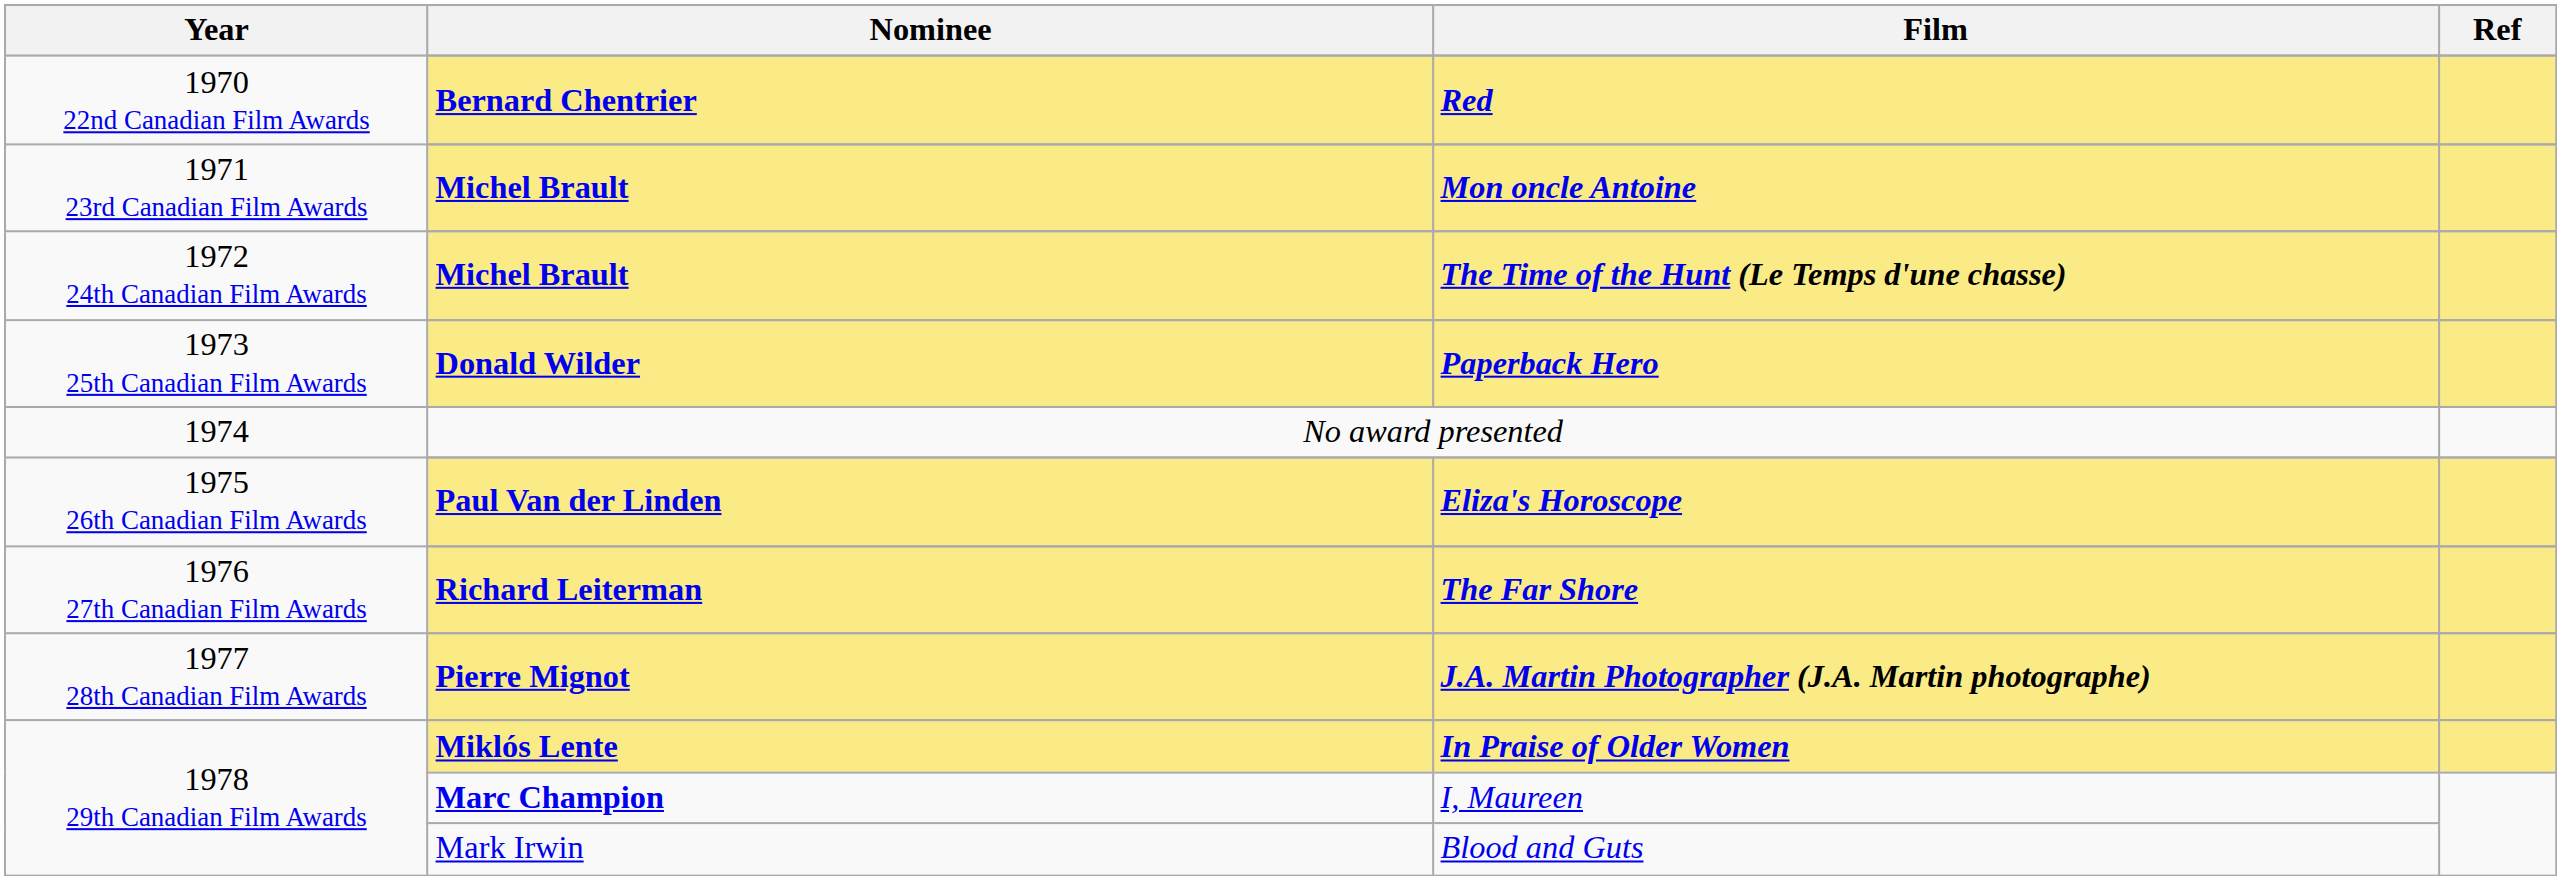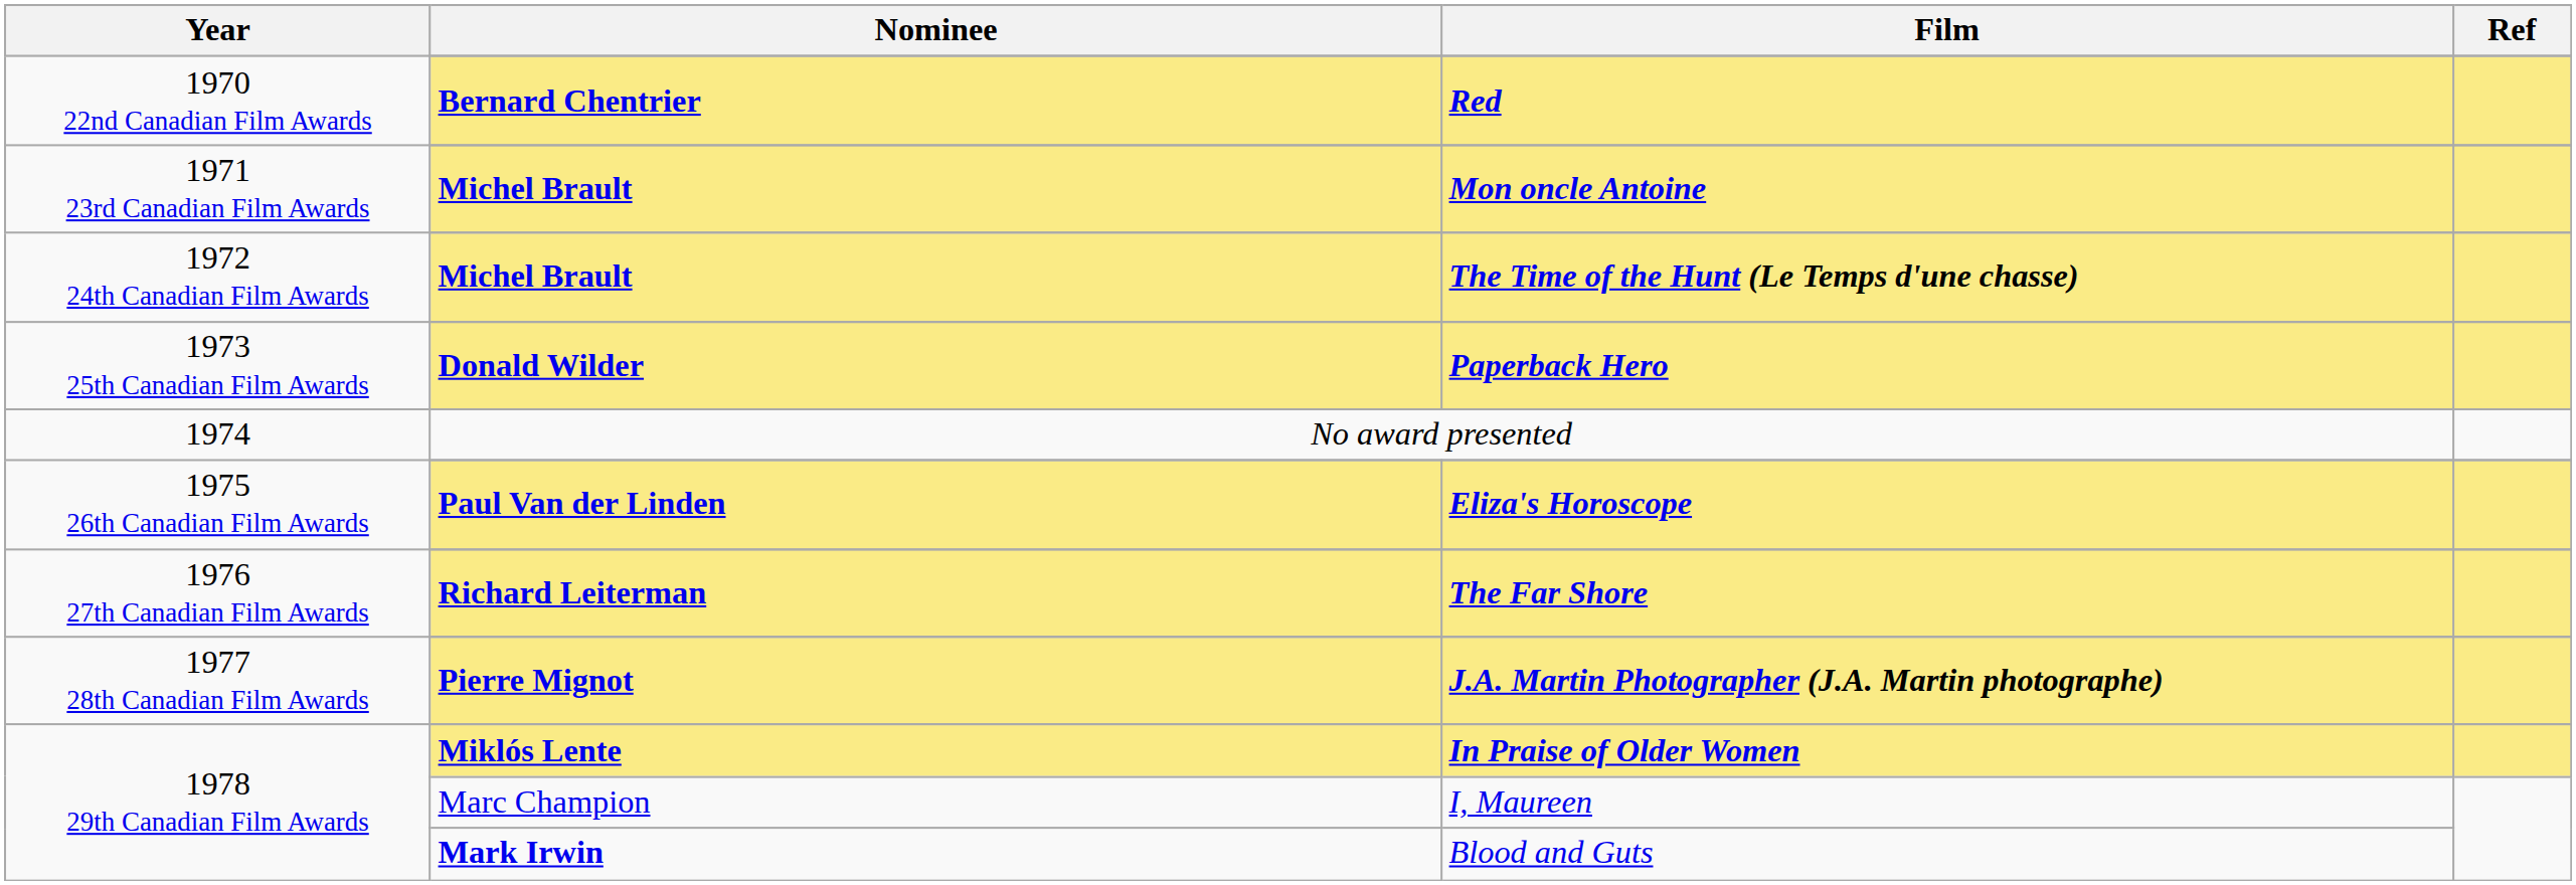 <table class="wikitable" style="width:100%;">
 <tr style="background:#bebebe;">
 <th style="width:8%;">Year</th>
 <th style="width:19%;">Nominee</th>
 <th style="width:19%;">Film</th>
 <th style="width:2%;">Ref</th>
 </tr>
 <tr>
 <td rowspan=2 align="center">1970<br><small><a href='#'>22nd Canadian Film Awards</a></small></td>
 </tr>
 <tr style="background:#FAEB86;">
 <td><strong><a href='#'>Bernard Chentrier</a></strong></td>
 <td><strong><em><a href='#'>Red</a></em></strong></td>
 <td></td>
 </tr>
 <tr>
 <td rowspan=2 align="center">1971<br><small><a href='#'>23rd Canadian Film Awards</a></small></td>
 </tr>
 <tr style="background:#FAEB86;">
 <td><strong><a href='#'>Michel Brault</a></strong></td>
 <td><strong><em><a href='#'>Mon oncle Antoine</a></em></strong></td>
 <td></td>
 </tr>
 <tr>
 <td rowspan=2 align="center">1972<br><small><a href='#'>24th Canadian Film Awards</a></small></td>
 </tr>
 <tr style="background:#FAEB86;">
 <td><strong><a href='#'>Michel Brault</a></strong></td>
 <td><strong><em><a href='#'>The Time of the Hunt</a> (Le Temps d'une chasse)</em></strong></td>
 <td></td>
 </tr>
 <tr>
 <td rowspan=2 align="center">1973<br><small><a href='#'>25th Canadian Film Awards</a></small></td>
 </tr>
 <tr style="background:#FAEB86;">
 <td><strong><a href='#'>Donald Wilder</a></strong></td>
 <td><strong><em><a href='#'>Paperback Hero</a></em></strong></td>
 <td></td>
 </tr>
 <tr>
 <td rowspan=2 align="center">1974</td>
 </tr>
 <tr>
 <td colspan=2 align=center><em>No award presented</em></td>
 <td></td>
 </tr>
 <tr>
 <td rowspan=2 align="center">1975<br><small><a href='#'>26th Canadian Film Awards</a></small></td>
 </tr>
 <tr style="background:#FAEB86;">
 <td><strong><a href='#'>Paul Van der Linden</a></strong></td>
 <td><strong><em><a href='#'>Eliza's Horoscope</a></em></strong></td>
 <td></td>
 </tr>
 <tr>
 <td rowspan=2 align="center">1976<br><small><a href='#'>27th Canadian Film Awards</a></small></td>
 </tr>
 <tr style="background:#FAEB86;">
 <td><strong><a href='#'>Richard Leiterman</a></strong></td>
 <td><strong><em><a href='#'>The Far Shore</a></em></strong></td>
 <td></td>
 </tr>
 <tr>
 <td rowspan=2 align="center">1977<br><small><a href='#'>28th Canadian Film Awards</a></small></td>
 </tr>
 <tr style="background:#FAEB86;">
 <td><strong><a href='#'>Pierre Mignot</a></strong></td>
 <td><strong><em><a href='#'>J.A. Martin Photographer</a> (J.A. Martin photographe)</em></strong></td>
 <td></td>
 </tr>
 <tr>
 <td rowspan=4 align="center">1978<br><small><a href='#'>29th Canadian Film Awards</a></small></td>
 </tr>
 <tr style="background:#FAEB86;">
 <td><strong><a href='#'>Miklós Lente</a></strong></td>
 <td><strong><em><a href='#'>In Praise of Older Women</a></em></strong></td>
 <td></td>
 </tr>
 <tr>
-<td><strong><a href='#'>Marc Champion</a></strong></td>
+<td><a href='#'>Marc Champion</a></td>
 <td><em><a href='#'>I, Maureen</a></em></td>
 <td rowspan=2></td>
 </tr>
 <tr>
-<td><a href='#'>Mark Irwin</a></td>
+<td><strong><a href='#'>Mark Irwin</a></strong></td>
 <td><em><a href='#'>Blood and Guts</a></em></td>
 </tr>
 </table>
